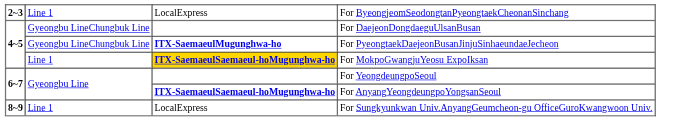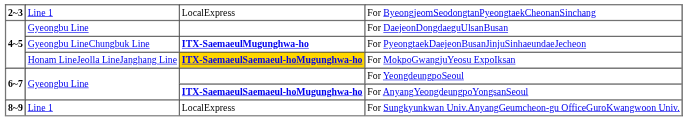 <table border="1" cellspacing="0" cellpadding="3" style="margin-left: 0.5em; frame:hsides; rules:rows">
 <tr>
 <th rowspan="1">2~3</th>
 <td> <a href='#'>Line 1</a></td>
 <td> LocalExpress</td>
 <td>For <a href='#'>Byeongjeom</a><a href='#'>Seodongtan</a><a href='#'>Pyeongtaek</a><a href='#'>Cheonan</a><a href='#'>Sinchang</a></td>
 </tr>
 <tr>
 <th rowspan="3">4~5</th>
-<td><a href='#'>Gyeongbu Line</a><a href='#'>Chungbuk Line</a></td>
+<td><a href='#'>Gyeongbu Line</a></td>
 <td></td>
 <td>For <a href='#'>Daejeon</a><a href='#'>Dongdaegu</a><a href='#'>Ulsan</a><a href='#'>Busan</a></td>
 </tr>
 <tr>
 <td><a href='#'>Gyeongbu Line</a><a href='#'>Chungbuk Line</a></td>
 <td><a href='#'><span><strong>ITX-Saemaeul</strong></span></a><a href='#'><span><strong>Mugunghwa-ho</strong></span></a></td>
 <td>For <a href='#'>Pyeongtaek</a><a href='#'>Daejeon</a><a href='#'>Busan</a><a href='#'>Jinju</a><a href='#'>Sinhaeundae</a><a href='#'>Jecheon</a></td>
 </tr>
 <tr>
-<td> <a href='#'>Line 1</a></td>
+<td><a href='#'>Honam Line</a><a href='#'>Jeolla Line</a><a href='#'>Janghang Line</a></td>
 <td style="background: gold;"><a href='#'><span><strong>ITX-Saemaeul</strong></span></a><a href='#'><span><strong>Saemaeul-ho</strong></span></a><a href='#'><span><strong>Mugunghwa-ho</strong></span></a></td>
 <td>For <a href='#'>Mokpo</a><a href='#'>Gwangju</a><a href='#'>Yeosu Expo</a><a href='#'>Iksan</a></td>
 </tr>
 <tr>
 <th rowspan="2">6~7</th>
 <td rowspan=2><a href='#'>Gyeongbu Line</a></td>
 <td></td>
 <td>For <a href='#'>Yeongdeungpo</a><a href='#'>Seoul</a></td>
 </tr>
 <tr>
 <td><a href='#'><span><strong>ITX-Saemaeul</strong></span></a><a href='#'><span><strong>Saemaeul-ho</strong></span></a><a href='#'><span><strong>Mugunghwa-ho</strong></span></a></td>
 <td>For <a href='#'>Anyang</a><a href='#'>Yeongdeungpo</a><a href='#'>Yongsan</a><a href='#'>Seoul</a></td>
 </tr>
 <tr>
 <th rowspan="1">8~9</th>
 <td> <a href='#'>Line 1</a></td>
 <td> LocalExpress</td>
 <td>For <a href='#'>Sungkyunkwan Univ.</a><a href='#'>Anyang</a><a href='#'>Geumcheon-gu Office</a><a href='#'>Guro</a><a href='#'>Kwangwoon Univ.</a></td>
 </tr>
 <tr>
 </tr>
 </table>
